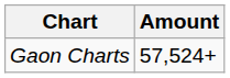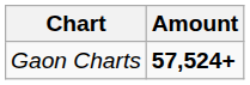 <table class="wikitable">
 <tr>
 <th>Chart</th>
 <th>Amount</th>
 </tr>
 <tr>
 <td><em>Gaon Charts</em></td>
-<td>57,524+</td>
+<td><strong>57,524+</strong></td>
 </tr>
 </table>
